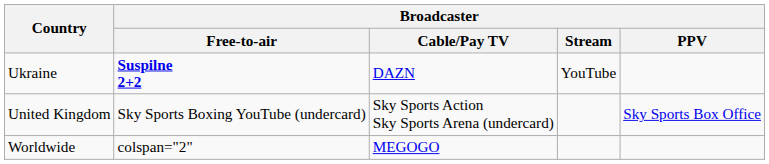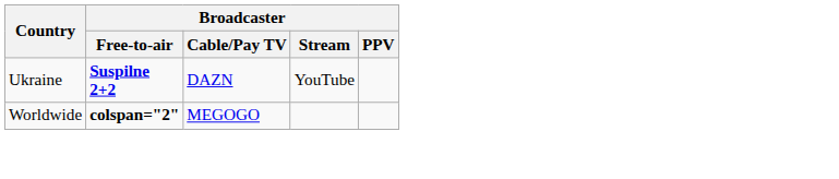 <table class="wikitable">
 <tr>
 <th rowspan="2">Country</th>
 <th colspan="4">Broadcaster</th>
 </tr>
 <tr>
 <th>Free-to-air</th>
 <th>Cable/Pay TV</th>
 <th>Stream</th>
 <th>PPV</th>
 </tr>
 <tr>
 <td>Ukraine</td>
 <td><strong><a href='#'>Suspilne</a><br><a href='#'>2+2</a></strong></td>
 <td><a href='#'>DAZN</a></td>
 <td>YouTube </td>
 <td></td>
 </tr>
 <tr>
-<td>United Kingdom</td>
-<td>Sky Sports Boxing YouTube (undercard)</td>
-<td>Sky Sports Action <br> Sky Sports Arena (undercard)</td>
-<td></td>
-<td><a href='#'>Sky Sports Box Office</a>  </td>
-</tr>
-<tr>
 <td>Worldwide</td>
-<td>colspan="2" </td>
+<td><strong>colspan="2" </strong></td>
 <td><a href='#'>MEGOGO</a></td>
 <td></td>
 </tr>
 </table>
